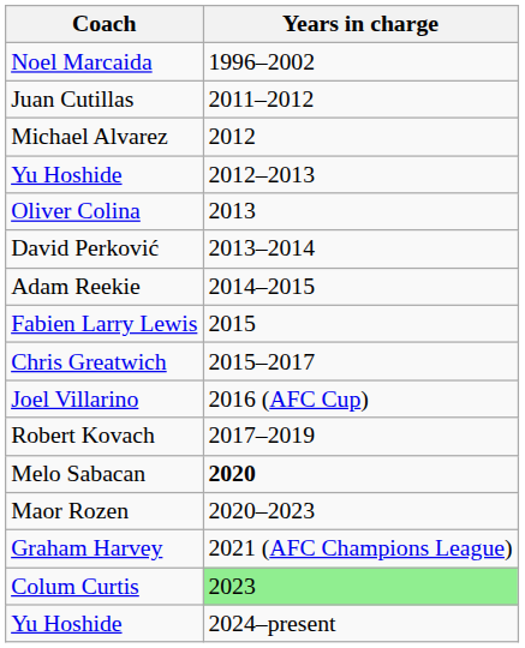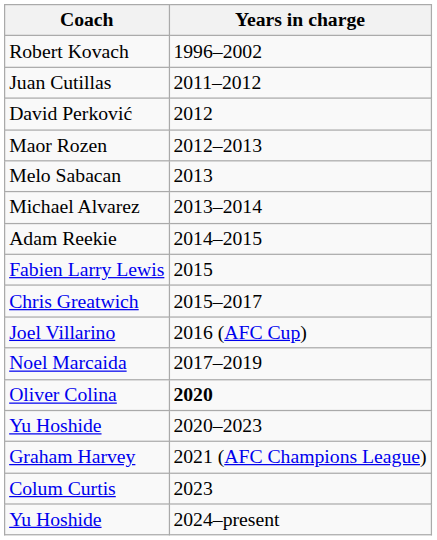 <table class="wikitable">
 <tr>
 <th>Coach</th>
 <th>Years in charge</th>
 </tr>
 <tr>
-<td> <a href='#'>Noel Marcaida</a></td>
+<td> Robert Kovach</td>
 <td>1996–2002</td>
 </tr>
 <tr>
 <td> Juan Cutillas</td>
 <td>2011–2012</td>
 </tr>
 <tr>
-<td> Michael Alvarez</td>
+<td> David Perković</td>
 <td>2012</td>
 </tr>
 <tr>
-<td> <a href='#'>Yu Hoshide</a></td>
+<td> Maor Rozen</td>
 <td>2012–2013</td>
 </tr>
 <tr>
-<td> <a href='#'>Oliver Colina</a></td>
+<td> Melo Sabacan</td>
 <td>2013</td>
 </tr>
 <tr>
-<td> David Perković</td>
+<td> Michael Alvarez</td>
 <td>2013–2014</td>
 </tr>
 <tr>
 <td> Adam Reekie</td>
 <td>2014–2015</td>
 </tr>
 <tr>
 <td> <a href='#'>Fabien Larry Lewis</a></td>
 <td>2015</td>
 </tr>
 <tr>
 <td> <a href='#'>Chris Greatwich</a></td>
 <td>2015–2017</td>
 </tr>
 <tr>
 <td> <a href='#'>Joel Villarino</a></td>
 <td>2016 (<a href='#'>AFC Cup</a>)</td>
 </tr>
 <tr>
-<td> Robert Kovach</td>
+<td> <a href='#'>Noel Marcaida</a></td>
 <td>2017–2019</td>
 </tr>
 <tr>
-<td> Melo Sabacan</td>
+<td> <a href='#'>Oliver Colina</a></td>
 <td><strong>2020</strong></td>
 </tr>
 <tr>
-<td> Maor Rozen</td>
+<td> <a href='#'>Yu Hoshide</a></td>
 <td>2020–2023</td>
 </tr>
 <tr>
 <td> <a href='#'>Graham Harvey</a></td>
 <td>2021 (<a href='#'>AFC Champions League</a>)</td>
 </tr>
 <tr>
 <td> <a href='#'>Colum Curtis</a></td>
-<td style="background: lightgreen;">2023</td>
+<td>2023</td>
 </tr>
 <tr>
 <td> <a href='#'>Yu Hoshide</a></td>
 <td>2024–present</td>
 </tr>
 </table>
